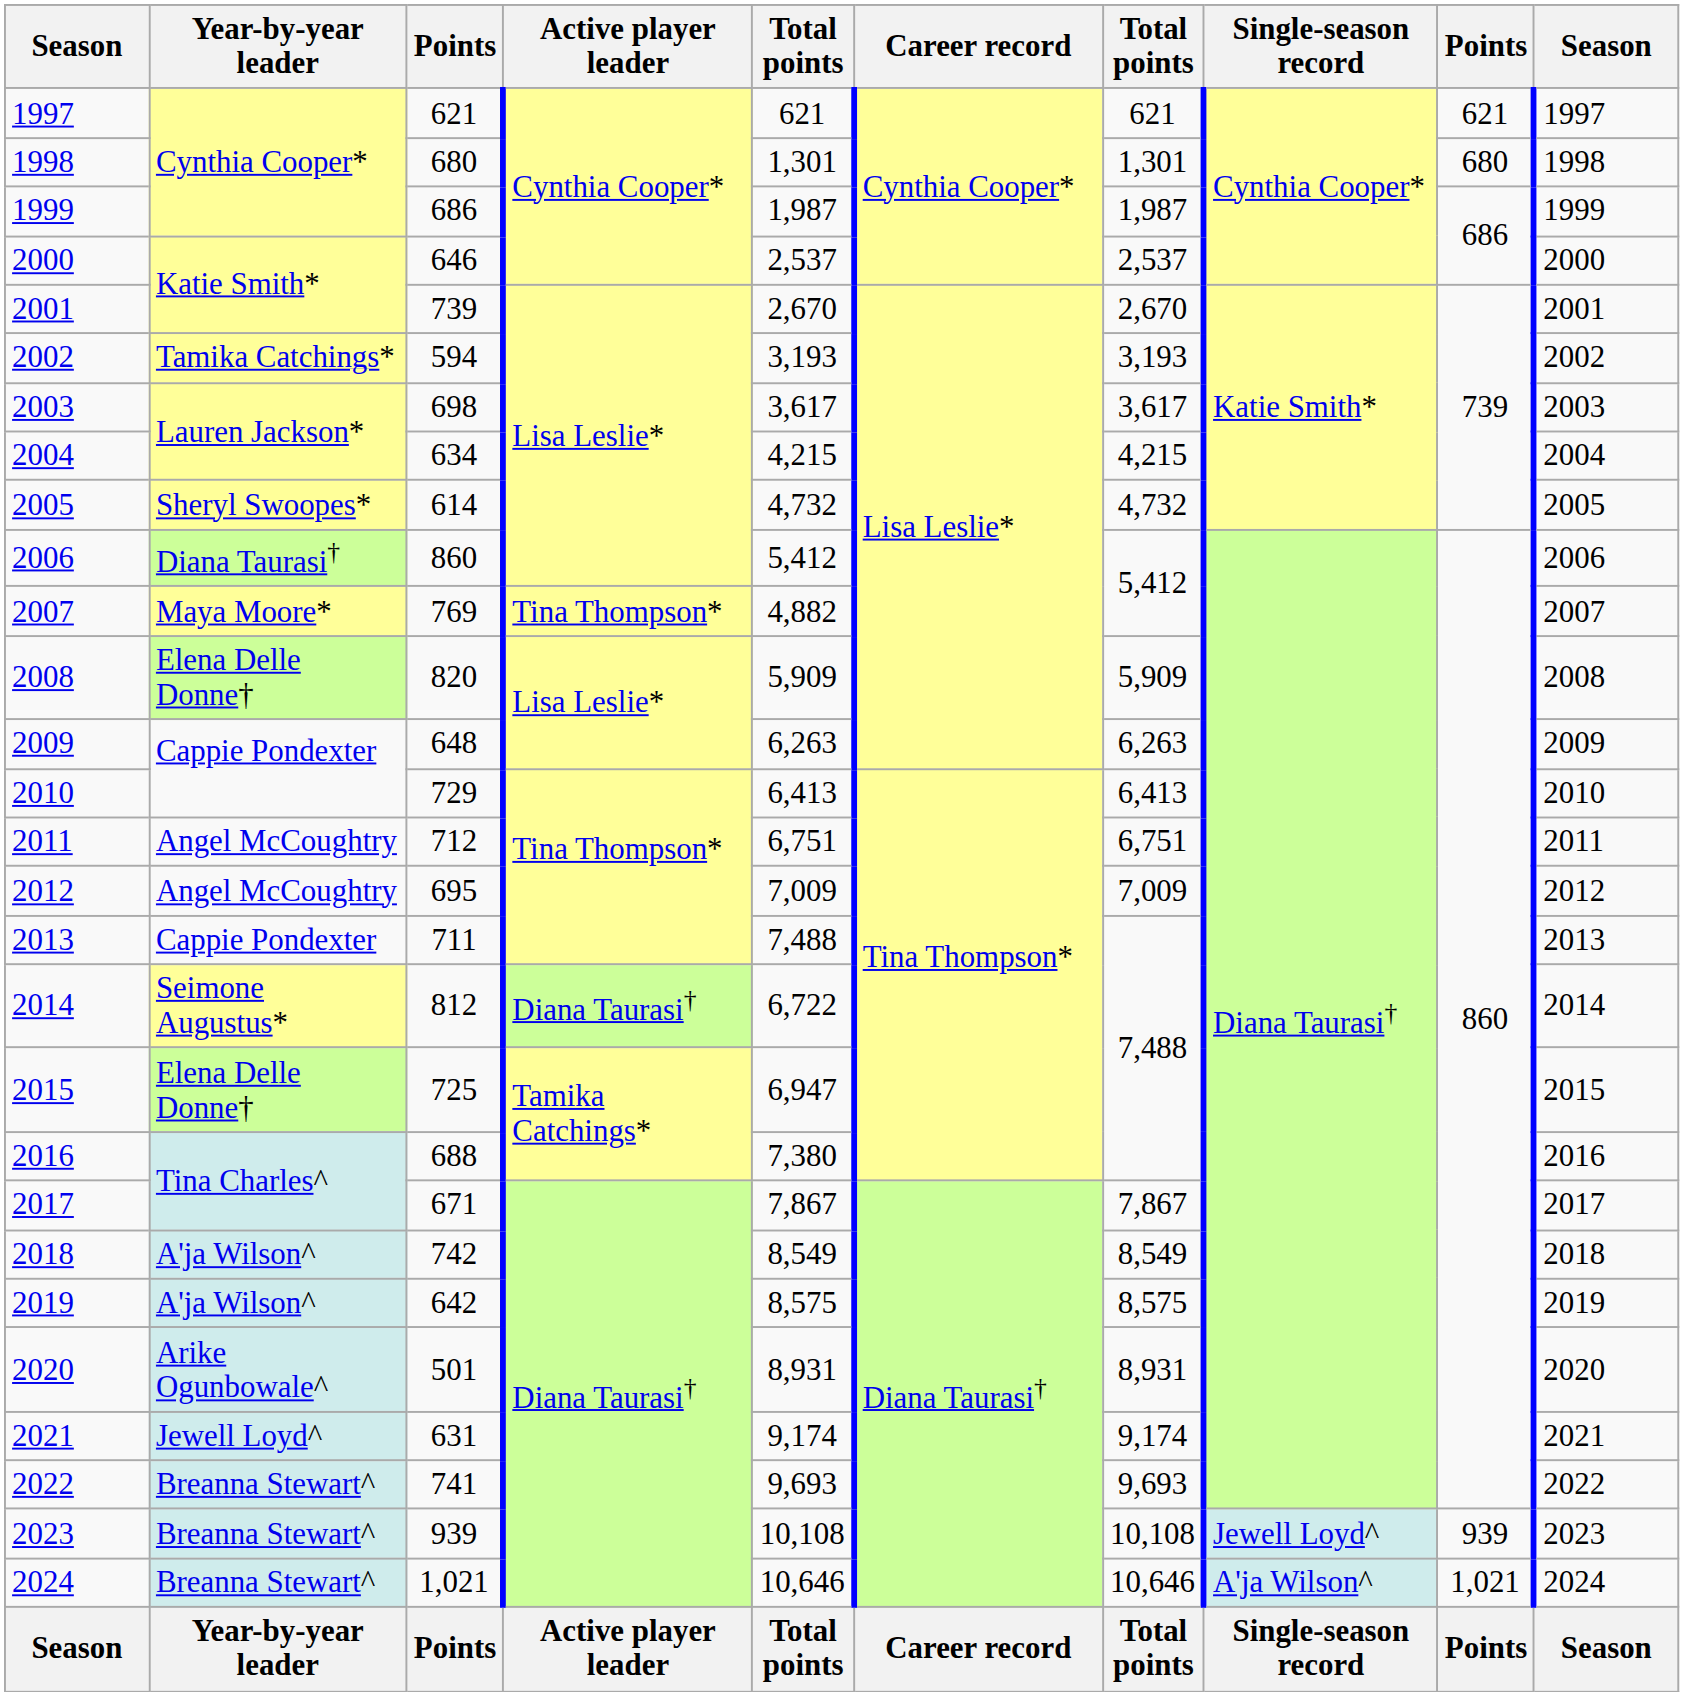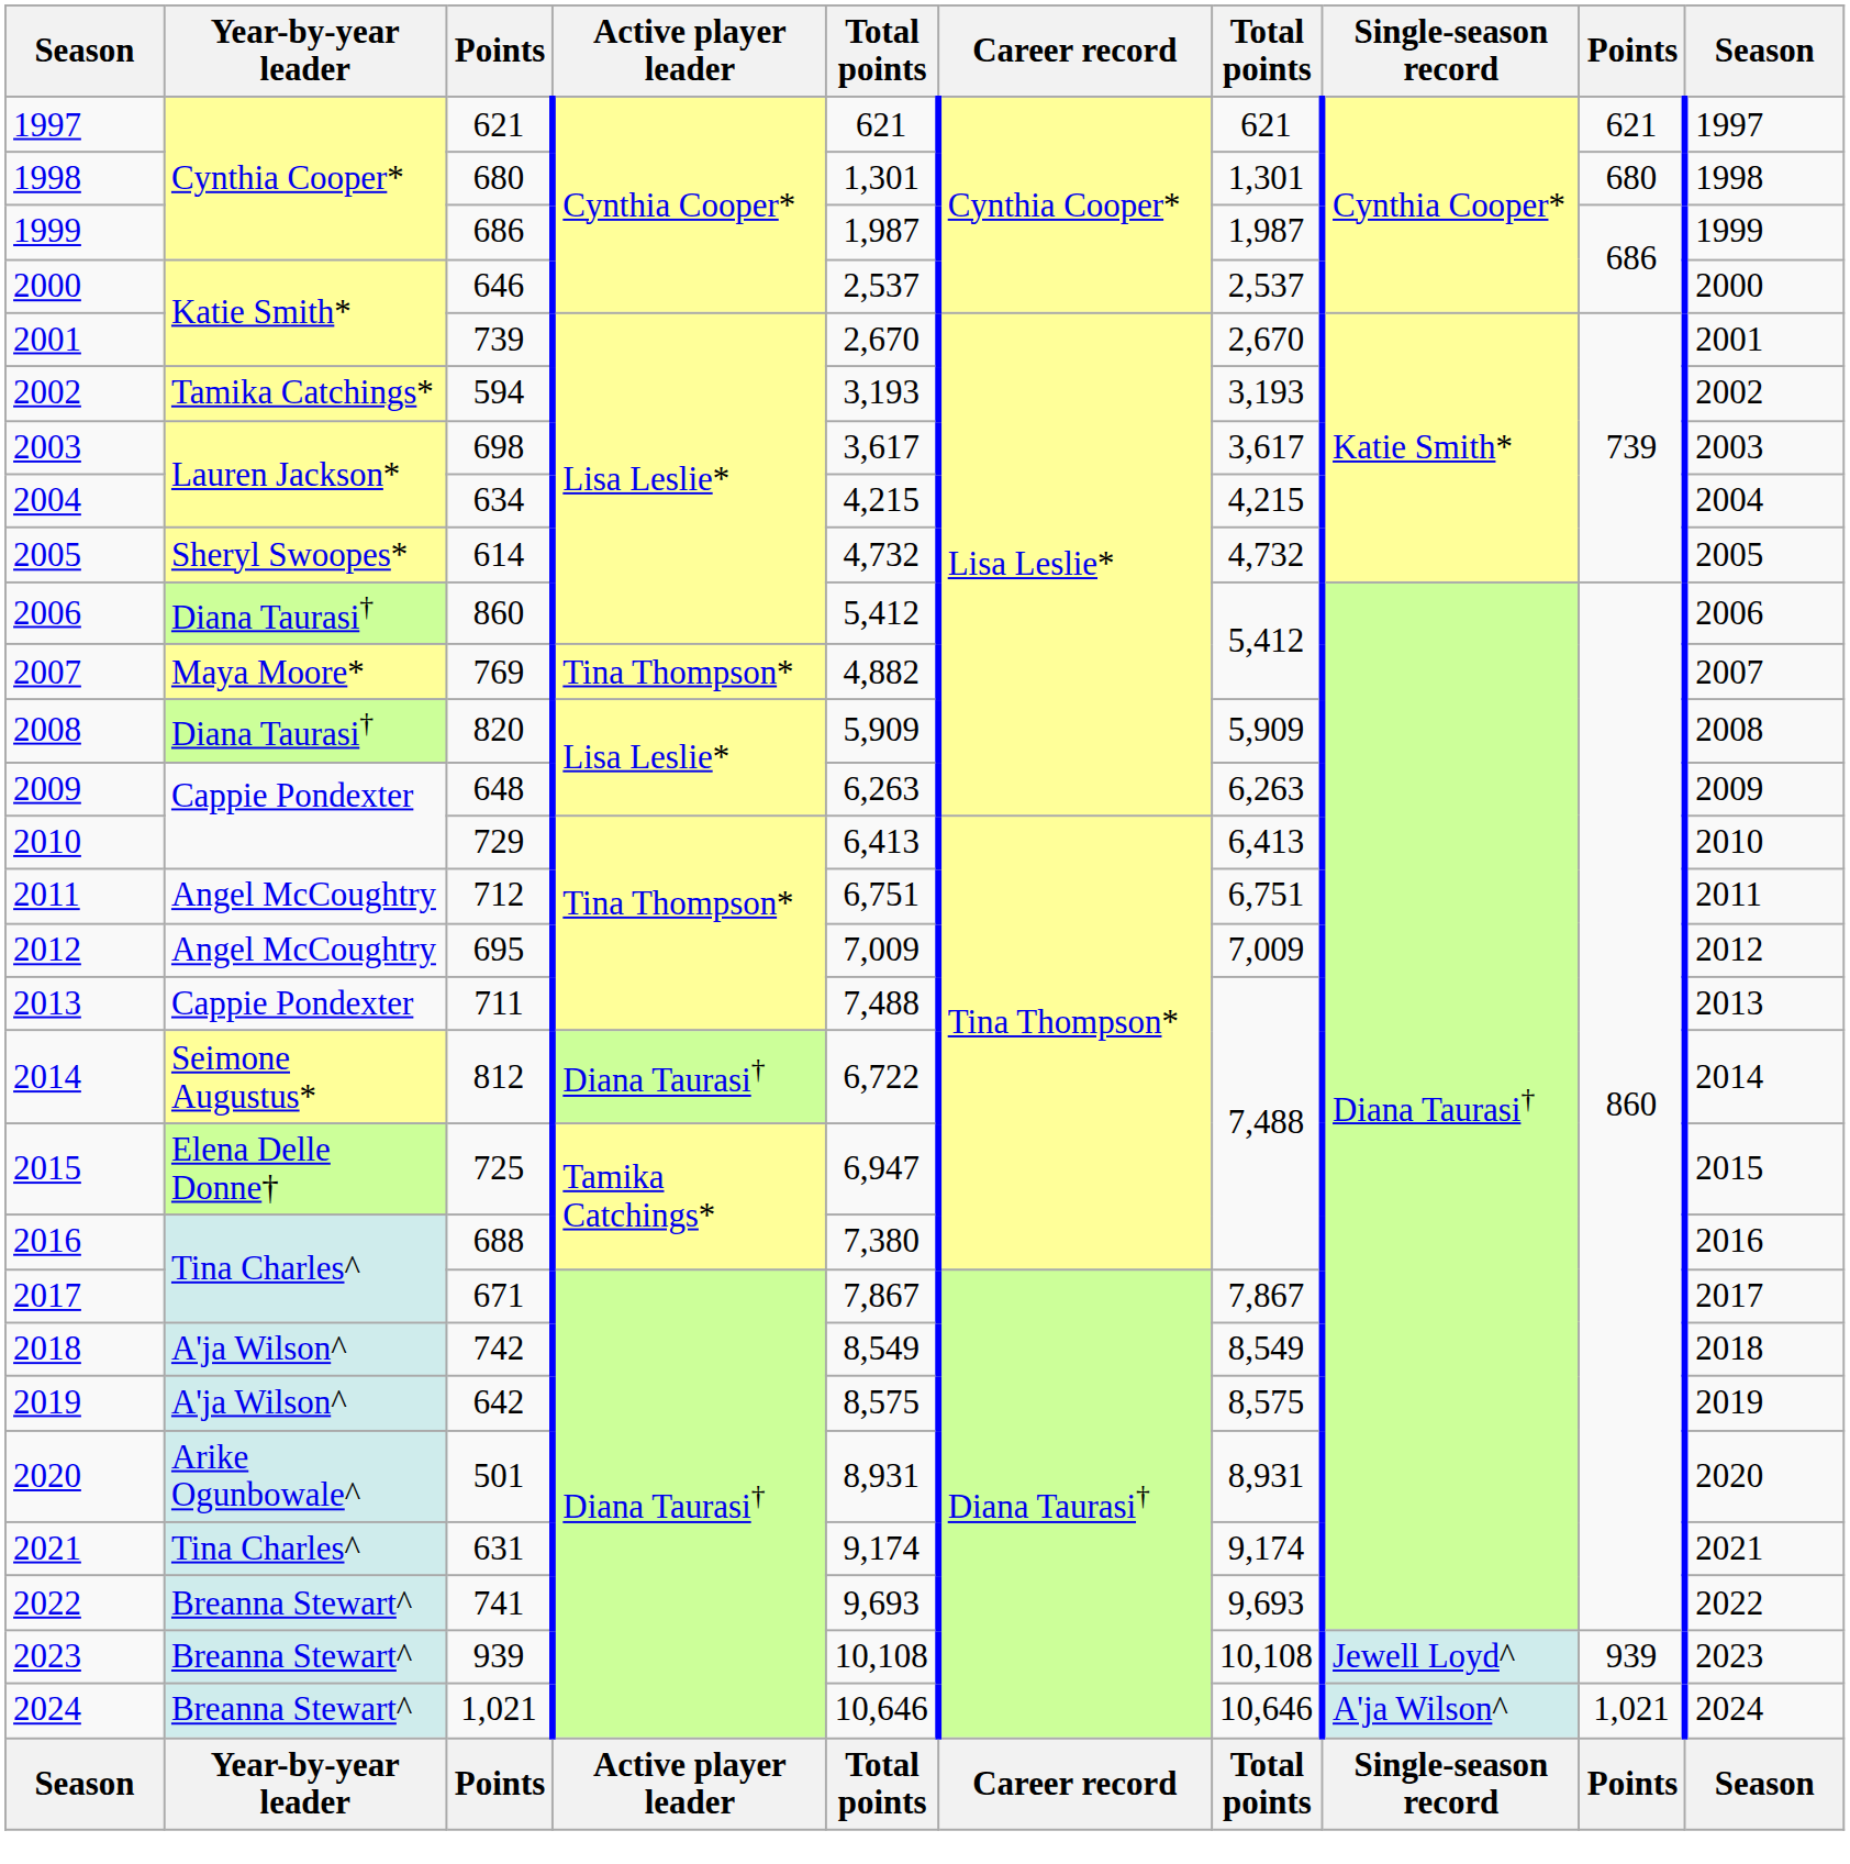 <table class="wikitable">
 <tr>
 <th width=10%>Season</th>
 <th width=18%>Year-by-year leader</th>
 <th>Points</th>
 <th width=18%>Active player leader</th>
 <th>Total points</th>
 <th width=18%>Career record</th>
 <th>Total points</th>
 <th width=18%>Single-season record</th>
 <th>Points</th>
 <th width=10%>Season</th>
 </tr>
 <tr>
 <td><a href='#'>1997</a></td>
 <td bgcolor="#ffff99" rowspan="3"><a href='#'>Cynthia Cooper</a>*</td>
 <td align=center style="border-right: solid blue">621</td>
 <td bgcolor="#ffff99" rowspan="4"><a href='#'>Cynthia Cooper</a>*</td>
 <td align=center style="border-right: solid blue">621</td>
 <td bgcolor="#ffff99" rowspan="4"><a href='#'>Cynthia Cooper</a>*</td>
 <td align=center style="border-right: solid blue">621</td>
 <td bgcolor="#ffff99" rowspan="4"><a href='#'>Cynthia Cooper</a>*</td>
 <td align=center style="border-right: solid blue">621</td>
 <td>1997</td>
 </tr>
 <tr>
 <td><a href='#'>1998</a></td>
 <td align=center style="border-right: solid blue">680</td>
 <td align=center style="border-right: solid blue">1,301</td>
 <td align=center style="border-right: solid blue">1,301</td>
 <td align=center style="border-right: solid blue">680</td>
 <td>1998</td>
 </tr>
 <tr>
 <td><a href='#'>1999</a></td>
 <td align=center style="border-right: solid blue">686</td>
 <td align=center style="border-right: solid blue">1,987</td>
 <td align=center style="border-right: solid blue">1,987</td>
 <td align=center style="border-right: solid blue" rowspan="2">686</td>
 <td>1999</td>
 </tr>
 <tr>
 <td><a href='#'>2000</a></td>
 <td bgcolor="#ffff99" rowspan="2"><a href='#'>Katie Smith</a>*</td>
 <td align=center style="border-right: solid blue">646</td>
 <td align=center style="border-right: solid blue">2,537</td>
 <td align=center style="border-right: solid blue">2,537</td>
 <td>2000</td>
 </tr>
 <tr>
 <td><a href='#'>2001</a></td>
 <td align=center style="border-right: solid blue">739</td>
 <td bgcolor="#ffff99" rowspan="6"><a href='#'>Lisa Leslie</a>*</td>
 <td align=center style="border-right: solid blue">2,670</td>
 <td bgcolor="#ffff99" rowspan="9"><a href='#'>Lisa Leslie</a>*</td>
 <td align=center style="border-right: solid blue">2,670</td>
 <td bgcolor="#ffff99" rowspan="5"><a href='#'>Katie Smith</a>*</td>
 <td align=center style="border-right: solid blue" rowspan="5">739</td>
 <td>2001</td>
 </tr>
 <tr>
 <td><a href='#'>2002</a></td>
 <td bgcolor="#ffff99"><a href='#'>Tamika Catchings</a>*</td>
 <td align=center style="border-right: solid blue">594</td>
 <td align=center style="border-right: solid blue">3,193</td>
 <td align=center style="border-right: solid blue">3,193</td>
 <td>2002</td>
 </tr>
 <tr>
 <td><a href='#'>2003</a></td>
 <td bgcolor="#ffff99" rowspan="2"><a href='#'>Lauren Jackson</a>*</td>
 <td align=center style="border-right: solid blue">698</td>
 <td align=center style="border-right: solid blue">3,617</td>
 <td align=center style="border-right: solid blue">3,617</td>
 <td>2003</td>
 </tr>
 <tr>
 <td><a href='#'>2004</a></td>
 <td align=center style="border-right: solid blue">634</td>
 <td align=center style="border-right: solid blue">4,215</td>
 <td align=center style="border-right: solid blue">4,215</td>
 <td>2004</td>
 </tr>
 <tr>
 <td><a href='#'>2005</a></td>
 <td bgcolor="#ffff99"><a href='#'>Sheryl Swoopes</a>*</td>
 <td align=center style="border-right: solid blue">614</td>
 <td align=center style="border-right: solid blue">4,732</td>
 <td align=center style="border-right: solid blue">4,732</td>
 <td>2005</td>
 </tr>
 <tr>
 <td><a href='#'>2006</a></td>
 <td bgcolor="#ccff99"><a href='#'>Diana Taurasi</a><sup>†</sup></td>
 <td align=center style="border-right: solid blue">860</td>
 <td align=center style="border-right: solid blue">5,412</td>
 <td align=center style="border-right: solid blue" rowspan="2">5,412</td>
 <td bgcolor="#ccff99" rowspan="17"><a href='#'>Diana Taurasi</a><sup>†</sup></td>
 <td align=center style="border-right: solid blue" rowspan="17">860</td>
 <td>2006</td>
 </tr>
 <tr>
 <td><a href='#'>2007</a></td>
 <td bgcolor="#FFFF99"><a href='#'>Maya Moore</a>*</td>
 <td align=center style="border-right: solid blue">769</td>
 <td bgcolor="#ffff99"><a href='#'>Tina Thompson</a>*</td>
 <td align=center style="border-right: solid blue">4,882</td>
 <td>2007</td>
 </tr>
 <tr>
 <td><a href='#'>2008</a></td>
-<td bgcolor="#CCFF99"><a href='#'>Elena Delle Donne</a>†</td>
+<td bgcolor="#ccff99"><a href='#'>Diana Taurasi</a><sup>†</sup></td>
 <td align=center style="border-right: solid blue">820</td>
 <td bgcolor="#ffff99" rowspan="2"><a href='#'>Lisa Leslie</a>*</td>
 <td align=center style="border-right: solid blue">5,909</td>
 <td align=center style="border-right: solid blue">5,909</td>
 <td>2008</td>
 </tr>
 <tr>
 <td><a href='#'>2009</a></td>
 <td rowspan="2"><a href='#'>Cappie Pondexter</a><br><br></td>
 <td align=center style="border-right: solid blue">648</td>
 <td align=center style="border-right: solid blue">6,263</td>
 <td align=center style="border-right: solid blue">6,263</td>
 <td>2009</td>
 </tr>
 <tr>
 <td><a href='#'>2010</a></td>
 <td align=center style="border-right: solid blue">729</td>
 <td bgcolor="#ffff99" rowspan="4"><a href='#'>Tina Thompson</a>*<br><br></td>
 <td align=center style="border-right: solid blue">6,413</td>
 <td bgcolor="#ffff99" rowspan="7"><a href='#'>Tina Thompson</a>*<br><br></td>
 <td align=center style="border-right: solid blue">6,413</td>
 <td>2010</td>
 </tr>
 <tr>
 <td><a href='#'>2011</a></td>
 <td><a href='#'>Angel McCoughtry</a></td>
 <td align=center style="border-right: solid blue">712</td>
 <td align=center style="border-right: solid blue">6,751</td>
 <td align=center style="border-right: solid blue">6,751</td>
 <td>2011</td>
 </tr>
 <tr>
 <td><a href='#'>2012</a></td>
 <td><a href='#'>Angel McCoughtry</a></td>
 <td align=center style="border-right: solid blue">695</td>
 <td align=center style="border-right: solid blue">7,009</td>
 <td align=center style="border-right: solid blue">7,009</td>
 <td>2012</td>
 </tr>
 <tr>
 <td><a href='#'>2013</a></td>
 <td><a href='#'>Cappie Pondexter</a></td>
 <td align=center style="border-right: solid blue">711</td>
 <td align=center style="border-right: solid blue">7,488</td>
 <td align=center style="border-right: solid blue" rowspan="4">7,488</td>
 <td>2013</td>
 </tr>
 <tr>
 <td><a href='#'>2014</a></td>
 <td bgcolor="#ffff99"><a href='#'>Seimone Augustus</a>* </td>
 <td align=center style="border-right: solid blue">812</td>
 <td bgcolor="#ccff99"><a href='#'>Diana Taurasi</a><sup>†</sup></td>
 <td align=center style="border-right: solid blue">6,722</td>
 <td>2014</td>
 </tr>
 <tr>
 <td><a href='#'>2015</a></td>
 <td bgcolor="#CCFF99"><a href='#'>Elena Delle Donne</a>†</td>
 <td align=center style="border-right: solid blue">725</td>
 <td bgcolor="#ffff99" rowspan="2"><a href='#'>Tamika Catchings</a>*</td>
 <td align=center style="border-right: solid blue">6,947</td>
 <td>2015</td>
 </tr>
 <tr>
 <td><a href='#'>2016</a></td>
 <td bgcolor="#cfecec" rowspan="2"><a href='#'>Tina Charles</a>^</td>
 <td align=center style="border-right: solid blue">688</td>
 <td align=center style="border-right: solid blue">7,380</td>
 <td>2016</td>
 </tr>
 <tr>
 <td><a href='#'>2017</a></td>
 <td align=center style="border-right: solid blue">671</td>
 <td bgcolor="#ccff99" rowspan="8"><a href='#'>Diana Taurasi</a><sup>†</sup></td>
 <td align=center style="border-right: solid blue">7,867</td>
 <td bgcolor="#ccff99" rowspan="8"><a href='#'>Diana Taurasi</a><sup>†</sup></td>
 <td align=center style="border-right: solid blue">7,867</td>
 <td>2017</td>
 </tr>
 <tr>
 <td><a href='#'>2018</a></td>
 <td bgcolor="#cfecec"><a href='#'>A'ja Wilson</a>^</td>
 <td align=center style="border-right: solid blue">742</td>
 <td align=center style="border-right: solid blue">8,549</td>
 <td align=center style="border-right: solid blue">8,549</td>
 <td>2018</td>
 </tr>
 <tr>
 <td><a href='#'>2019</a></td>
 <td bgcolor="#cfecec"><a href='#'>A'ja Wilson</a>^</td>
 <td align=center style="border-right: solid blue">642</td>
 <td align=center style="border-right: solid blue">8,575</td>
 <td align=center style="border-right: solid blue">8,575</td>
 <td>2019</td>
 </tr>
 <tr>
 <td><a href='#'>2020</a></td>
 <td bgcolor="#CFECEC"><a href='#'>Arike Ogunbowale</a>^</td>
 <td align=center style="border-right: solid blue">501</td>
 <td align=center style="border-right: solid blue">8,931</td>
 <td align=center style="border-right: solid blue">8,931</td>
 <td>2020</td>
 </tr>
 <tr>
 <td><a href='#'>2021</a></td>
-<td bgcolor="#cfecec"><a href='#'>Jewell Loyd</a>^</td>
+<td bgcolor="#cfecec"><a href='#'>Tina Charles</a>^</td>
 <td align=center style="border-right: solid blue">631</td>
 <td align=center style="border-right: solid blue">9,174</td>
 <td align=center style="border-right: solid blue">9,174</td>
 <td>2021</td>
 </tr>
 <tr>
 <td><a href='#'>2022</a></td>
 <td bgcolor="#cfecec"><a href='#'>Breanna Stewart</a>^</td>
 <td align=center style="border-right: solid blue">741</td>
 <td align=center style="border-right: solid blue">9,693</td>
 <td align=center style="border-right: solid blue">9,693</td>
 <td>2022</td>
 </tr>
 <tr>
 <td><a href='#'>2023</a></td>
 <td bgcolor="#cfecec"><a href='#'>Breanna Stewart</a>^</td>
 <td align=center style="border-right: solid blue">939</td>
 <td align=center style="border-right: solid blue">10,108</td>
 <td align=center style="border-right: solid blue">10,108</td>
 <td bgcolor="#cfecec"><a href='#'>Jewell Loyd</a>^</td>
 <td align=center style="border-right: solid blue">939</td>
 <td>2023</td>
 </tr>
 <tr>
 <td><a href='#'>2024</a></td>
 <td bgcolor="#cfecec"><a href='#'>Breanna Stewart</a>^</td>
 <td align=center style="border-right: solid blue">1,021</td>
 <td align=center style="border-right: solid blue">10,646</td>
 <td align=center style="border-right: solid blue">10,646</td>
 <td bgcolor="#cfecec"><a href='#'>A'ja Wilson</a>^</td>
 <td align=center style="border-right: solid blue">1,021</td>
 <td>2024</td>
 </tr>
 <tr>
 <th>Season</th>
 <th>Year-by-year leader</th>
 <th>Points</th>
 <th>Active player leader</th>
 <th>Total points</th>
 <th>Career record</th>
 <th>Total points</th>
 <th>Single-season record</th>
 <th>Points</th>
 <th>Season</th>
 </tr>
 </table>
